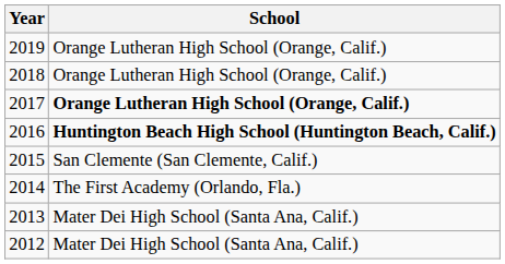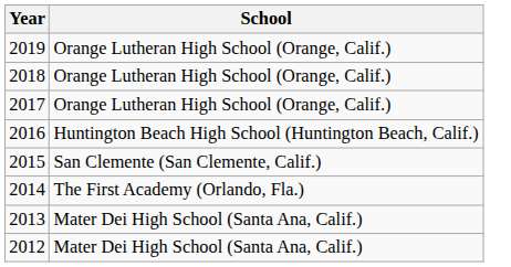 <table class="wikitable">
 <tr>
 <th>Year</th>
 <th>School</th>
 </tr>
 <tr>
 <td>2019</td>
 <td>Orange Lutheran High School (Orange, Calif.)</td>
 </tr>
 <tr>
 <td>2018</td>
 <td>Orange Lutheran High School (Orange, Calif.)</td>
 </tr>
 <tr>
 <td>2017</td>
-<td><strong>Orange Lutheran High School (Orange, Calif.)</strong></td>
+<td>Orange Lutheran High School (Orange, Calif.)</td>
 </tr>
 <tr>
 <td>2016</td>
-<td><strong>Huntington Beach High School (Huntington Beach, Calif.)</strong></td>
+<td>Huntington Beach High School (Huntington Beach, Calif.)</td>
 </tr>
 <tr>
 <td>2015</td>
 <td>San Clemente (San Clemente, Calif.)</td>
 </tr>
 <tr>
 <td>2014</td>
 <td>The First Academy (Orlando, Fla.)</td>
 </tr>
 <tr>
 <td>2013</td>
 <td>Mater Dei High School (Santa Ana, Calif.)</td>
 </tr>
 <tr>
 <td>2012</td>
 <td>Mater Dei High School (Santa Ana, Calif.)</td>
 </tr>
 </table>
